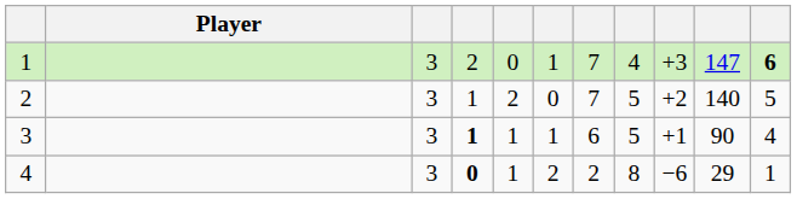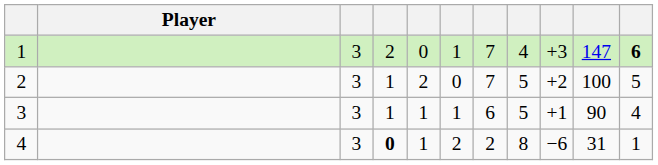 <table class="wikitable" style="text-align:center; margin: 1em auto 1em auto, align:left">
 <tr>
 <th width=20></th>
 <th width=240>Player</th>
 <th width=20></th>
 <th width=20></th>
 <th width=20></th>
 <th width=20></th>
 <th width=20></th>
 <th width=20></th>
 <th width=20></th>
 <th width=30></th>
 <th width=20></th>
 </tr>
 <tr style="background:#D0F0C0;">
 <td>1</td>
 <td align=left></td>
 <td>3</td>
 <td>2</td>
 <td>0</td>
 <td>1</td>
 <td>7</td>
 <td>4</td>
 <td>+3</td>
 <td><a href='#'>147</a></td>
 <td><strong>6</strong></td>
 </tr>
 <tr style=>
 <td>2</td>
 <td align=left></td>
 <td>3</td>
 <td>1</td>
 <td>2</td>
 <td>0</td>
 <td>7</td>
 <td>5</td>
 <td>+2</td>
-<td>140</td>
+<td>100</td>
 <td>5</td>
 </tr>
 <tr style=>
 <td>3</td>
 <td align=left></td>
 <td>3</td>
-<td><strong>1</strong></td>
+<td>1</td>
 <td>1</td>
 <td>1</td>
 <td>6</td>
 <td>5</td>
 <td>+1</td>
 <td>90</td>
 <td>4</td>
 </tr>
 <tr style=>
 <td>4</td>
 <td align=left></td>
 <td>3</td>
 <td><strong>0</strong></td>
 <td>1</td>
 <td>2</td>
 <td>2</td>
 <td>8</td>
 <td>−6</td>
-<td>29</td>
+<td>31</td>
 <td>1</td>
 </tr>
 </table>
